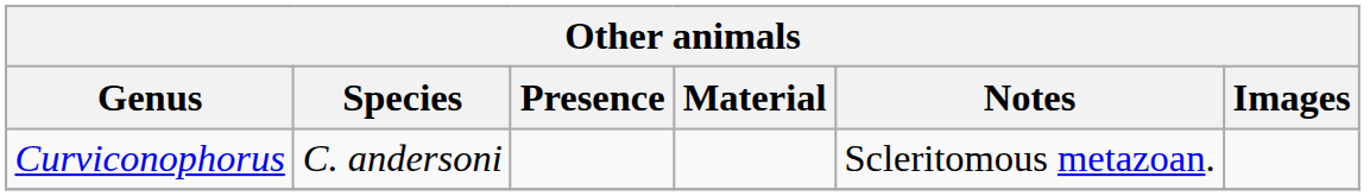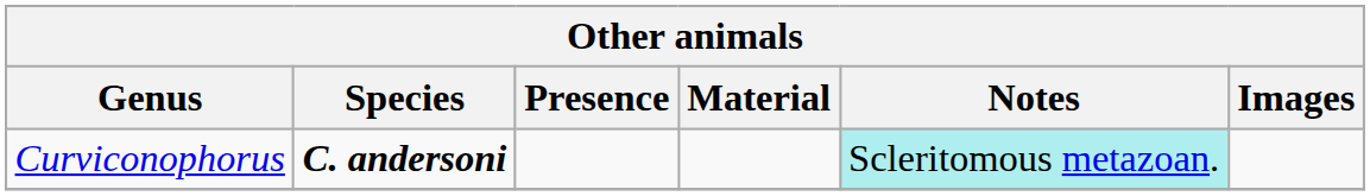 <table class="wikitable" align="center">
 <tr>
 <th colspan="6" align="center"><strong>Other animals</strong></th>
 </tr>
 <tr>
 <th>Genus</th>
 <th>Species</th>
 <th>Presence</th>
 <th><strong>Material</strong></th>
 <th>Notes</th>
 <th>Images</th>
 </tr>
 <tr>
 <td><em><a href='#'>Curviconophorus</a></em></td>
-<td><em>C. andersoni</em></td>
+<td><strong><em>C. andersoni</em></strong></td>
 <td></td>
 <td></td>
-<td>Scleritomous <a href='#'>metazoan</a>.</td>
+<td style="background: paleturquoise;">Scleritomous <a href='#'>metazoan</a>.</td>
 <td></td>
 </tr>
 <tr>
 </tr>
 </table>
